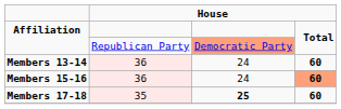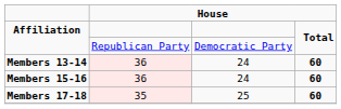 <table class="wikitable">
 <tr>
 <td style="text-align:center;vertical-align:top;"></td>
 <td colspan="4" align="center" valign="top"><strong>House</strong></td>
 </tr>
 <tr>
 <td rowspan="2" style="text-align:center;vertical-align:top;"><strong>Affiliation</strong></td>
 <td style="background-color:"> </td>
 <td style="background-color:"> </td>
 <td rowspan="2"> <strong>Total</strong></td>
 </tr>
 <tr>
 <td><a href='#'>Republican Party</a></td>
-<td style="background: lightsalmon;"><a href='#'>Democratic Party</a></td>
+<td><a href='#'>Democratic Party</a></td>
 </tr>
 <tr>
 <td><strong>Members 13-14</strong></td>
 <td style="background:#FFE8E8" align=center>36</td>
 <td style="text-align:center;">24</td>
 <td style="text-align:center;"><strong>60</strong></td>
 </tr>
 <tr>
 <td><strong>Members 15-16</strong></td>
 <td style="background:#FFE8E8" align=center>36</td>
 <td style="text-align:center;">24</td>
-<td style="background: lightsalmon; text-align:center;"><strong>60</strong></td>
+<td style="text-align:center;"><strong>60</strong></td>
 </tr>
 <tr>
 <td><strong>Members 17-18</strong></td>
 <td style="background:#FFE8E8" align=center>35</td>
-<td style="text-align:center;"><strong>25</strong></td>
+<td style="text-align:center;">25</td>
 <td style="text-align:center;"><strong>60</strong></td>
 </tr>
 <tr>
 </tr>
 </table>
